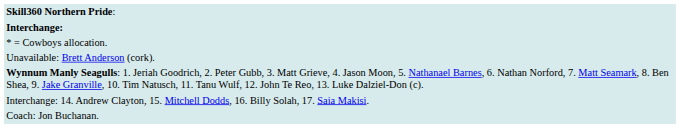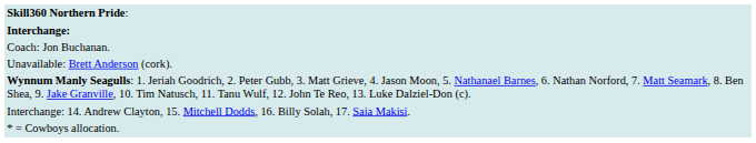 <table style="background:#d7ebed; font-size:85%; width:100%;">
 <tr>
 <td><strong>Skill360 Northern Pride</strong>:             </td>
 </tr>
 <tr>
 <td><strong>Interchange:    </strong></td>
 </tr>
 <tr>
-<td>* = Cowboys allocation.</td>
+<td>Coach: Jon Buchanan.</td>
 </tr>
 <tr>
 <td>Unavailable: <a href='#'>Brett Anderson</a> (cork).</td>
 </tr>
 <tr>
 <td><strong>Wynnum Manly Seagulls</strong>: 1. Jeriah Goodrich, 2. Peter Gubb, 3. Matt Grieve, 4. Jason Moon, 5. <a href='#'>Nathanael Barnes</a>, 6. Nathan Norford, 7. <a href='#'>Matt Seamark</a>, 8. Ben Shea, 9. <a href='#'>Jake Granville</a>, 10. Tim Natusch, 11. Tanu Wulf, 12. John Te Reo, 13. Luke Dalziel-Don (c).</td>
 </tr>
 <tr>
 <td>Interchange: 14. Andrew Clayton, 15. <a href='#'>Mitchell Dodds</a>, 16. Billy Solah, 17. <a href='#'>Saia Makisi</a>.</td>
 </tr>
 <tr>
-<td>Coach: Jon Buchanan.</td>
+<td>* = Cowboys allocation.</td>
 </tr>
 </table>
